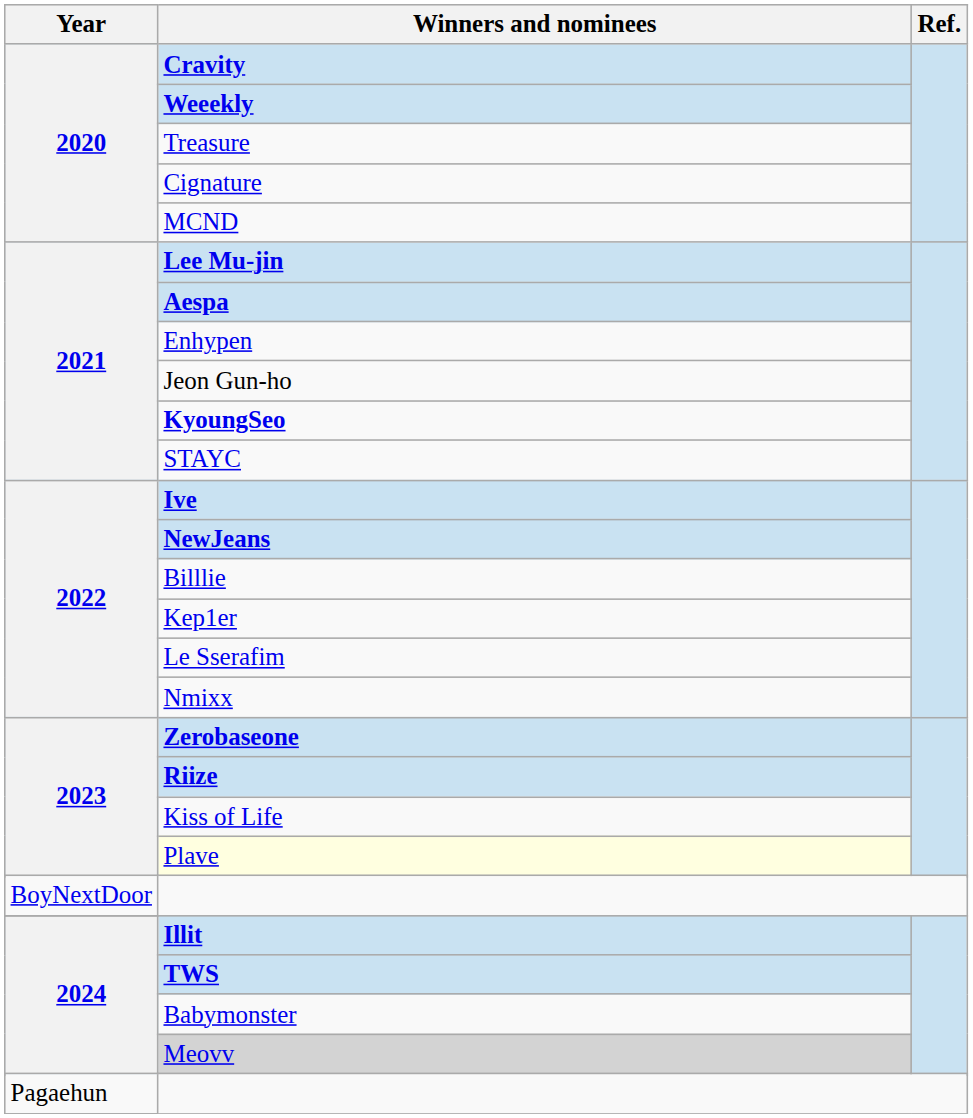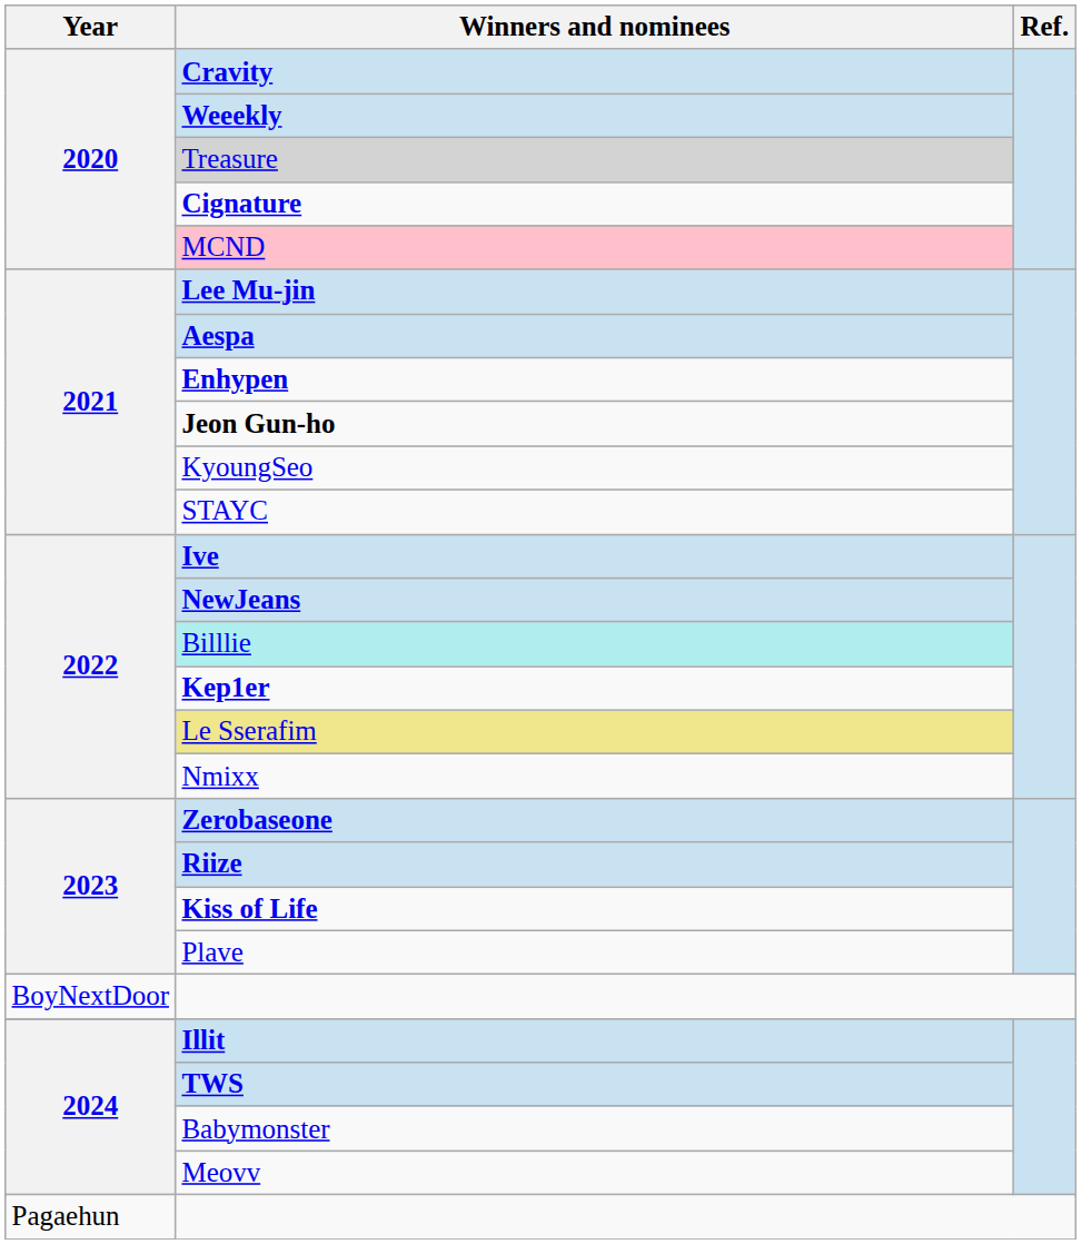 <table class="wikitable plainrowheaders" width="99%">
 <tr>
 <th width="9%">Year</th>
 <th width="86%">Winners and nominees</th>
 <th width="5%">Ref.</th>
 </tr>
 <tr style="background:#c9e2f2">
 <th rowspan="5"><a href='#'>2020</a></th>
 <td><strong><a href='#'>Cravity</a></strong></td>
 <td rowspan="5" style="text-align:center;"></td>
 </tr>
 <tr>
 <td style="background:#c9e2f2"><strong><a href='#'>Weeekly</a></strong></td>
 </tr>
 <tr>
-<td><a href='#'>Treasure</a></td>
+<td style="background: lightgrey;"><a href='#'>Treasure</a></td>
 </tr>
 <tr>
-<td><a href='#'>Cignature</a></td>
+<td><strong><a href='#'>Cignature</a></strong></td>
 </tr>
 <tr>
-<td><a href='#'>MCND</a></td>
+<td style="background: pink;"><a href='#'>MCND</a></td>
 </tr>
 <tr style="background:#c9e2f2">
 <th rowspan="6"><a href='#'>2021</a></th>
 <td><strong><a href='#'>Lee Mu-jin</a></strong></td>
 <td rowspan="6" style="text-align:center;"></td>
 </tr>
 <tr>
 <td style="background:#c9e2f2"><strong><a href='#'>Aespa</a></strong></td>
 </tr>
 <tr>
-<td><a href='#'>Enhypen</a></td>
+<td><strong><a href='#'>Enhypen</a></strong></td>
 </tr>
 <tr>
-<td>Jeon Gun-ho</td>
+<td><strong>Jeon Gun-ho</strong></td>
 </tr>
 <tr>
-<td><strong><a href='#'>KyoungSeo</a></strong></td>
+<td><a href='#'>KyoungSeo</a></td>
 </tr>
 <tr>
 <td><a href='#'>STAYC</a></td>
 </tr>
 <tr style="background:#c9e2f2">
 <th rowspan="6"><a href='#'>2022</a></th>
 <td><strong><a href='#'>Ive</a></strong></td>
 <td rowspan="6" style="text-align:center;"></td>
 </tr>
 <tr>
 <td style="background:#c9e2f2"><strong><a href='#'>NewJeans</a></strong></td>
 </tr>
 <tr>
-<td><a href='#'>Billlie</a></td>
+<td style="background: paleturquoise;"><a href='#'>Billlie</a></td>
 </tr>
 <tr>
-<td><a href='#'>Kep1er</a></td>
+<td><strong><a href='#'>Kep1er</a></strong></td>
 </tr>
 <tr>
-<td><a href='#'>Le Sserafim</a></td>
+<td style="background: khaki;"><a href='#'>Le Sserafim</a></td>
 </tr>
 <tr>
 <td><a href='#'>Nmixx</a></td>
 </tr>
 <tr style="background:#c9e2f2">
 <th rowspan="5"><a href='#'>2023</a></th>
 <td><strong><a href='#'>Zerobaseone</a></strong></td>
 <td rowspan="5" style="text-align:center;"></td>
 </tr>
 <tr>
 <td style="background:#c9e2f2"><strong><a href='#'>Riize</a></strong></td>
 </tr>
 <tr>
-<td><a href='#'>Kiss of Life</a></td>
+<td><strong><a href='#'>Kiss of Life</a></strong></td>
 </tr>
 <tr>
-<td style="background: lightyellow;"><a href='#'>Plave</a></td>
+<td><a href='#'>Plave</a></td>
 </tr>
 <tr>
 </tr>
 <tr>
 <td><a href='#'>BoyNextDoor</a></td>
 </tr>
 <tr>
 </tr>
 <tr style="background:#c9e2f2">
 <th rowspan="5"><a href='#'>2024</a></th>
 <td><strong><a href='#'>Illit</a></strong></td>
 <td rowspan="5" style="text-align:center;"></td>
 </tr>
 <tr>
 <td style="background:#c9e2f2"><strong><a href='#'>TWS</a></strong></td>
 </tr>
 <tr>
 <td><a href='#'>Babymonster</a></td>
 </tr>
 <tr>
-<td style="background: lightgrey;"><a href='#'>Meovv</a></td>
+<td><a href='#'>Meovv</a></td>
 </tr>
 <tr>
 </tr>
 <tr>
 <td>Pagaehun</td>
 </tr>
 <tr>
 </tr>
 </table>
